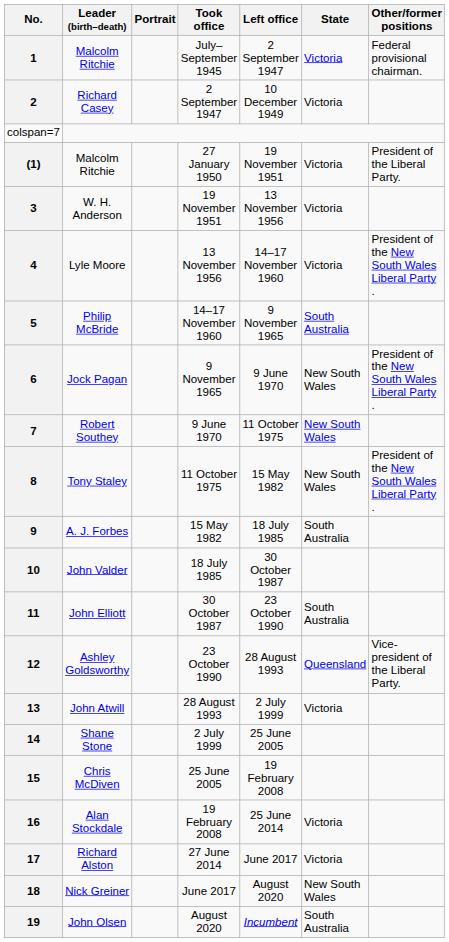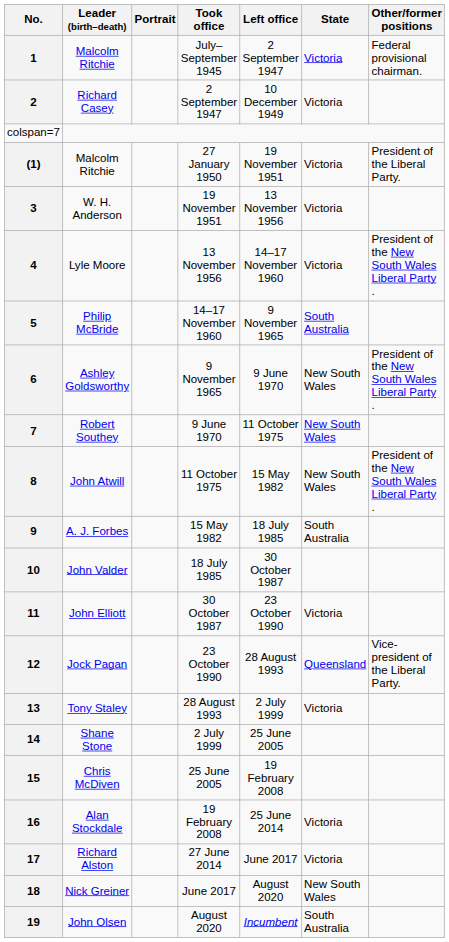 <table class="wikitable" style="text-align:center">
 <tr>
 <th>No.</th>
 <th>Leader<br><small>(birth–death)</small></th>
 <th>Portrait</th>
 <th>Took office</th>
 <th>Left office</th>
 <th>State</th>
 <th>Other/former positions</th>
 </tr>
 <tr>
 <th>1</th>
 <td><a href='#'>Malcolm Ritchie</a><br></td>
 <td></td>
 <td>July–September 1945</td>
 <td>2 September 1947</td>
 <td align=left> <a href='#'>Victoria</a></td>
 <td align=left>Federal provisional chairman.</td>
 </tr>
 <tr>
 <th>2</th>
 <td><a href='#'>Richard Casey</a><br></td>
 <td></td>
 <td>2 September 1947</td>
 <td>10 December 1949</td>
 <td align=left> Victoria</td>
 <td></td>
 </tr>
 <tr>
 <td>colspan=7 </td>
 </tr>
 <tr>
 <th>(1)</th>
 <td>Malcolm Ritchie<br></td>
 <td></td>
 <td>27 January 1950</td>
 <td>19 November 1951</td>
 <td align=left> Victoria</td>
 <td align=left>President of the Liberal Party.</td>
 </tr>
 <tr>
 <th>3</th>
 <td>W. H. Anderson<br></td>
 <td></td>
 <td>19 November 1951</td>
 <td>13 November 1956</td>
 <td align=left> Victoria</td>
 <td></td>
 </tr>
 <tr>
 <th>4</th>
 <td>Lyle Moore<br></td>
 <td></td>
 <td>13 November 1956</td>
 <td>14–17 November 1960</td>
 <td align=left> Victoria</td>
 <td align=left>President of the <a href='#'>New South Wales Liberal Party</a> .</td>
 </tr>
 <tr>
 <th>5</th>
 <td><a href='#'>Philip McBride</a><br></td>
 <td></td>
 <td>14–17 November 1960</td>
 <td>9 November 1965</td>
 <td align=left> <a href='#'>South Australia</a></td>
 <td></td>
 </tr>
 <tr>
 <th>6</th>
-<td><a href='#'>Jock Pagan</a><br></td>
+<td><a href='#'>Ashley Goldsworthy</a><br></td>
 <td></td>
 <td>9 November 1965</td>
 <td>9 June 1970</td>
 <td align=left> New South Wales</td>
 <td align=left>President of the <a href='#'>New South Wales Liberal Party</a> .</td>
 </tr>
 <tr>
 <th>7</th>
 <td><a href='#'>Robert Southey</a><br></td>
 <td></td>
 <td>9 June 1970</td>
 <td>11 October 1975</td>
 <td align=left> <a href='#'>New South Wales</a></td>
 <td></td>
 </tr>
 <tr>
 <th>8</th>
-<td><a href='#'>Tony Staley</a><br></td>
+<td><a href='#'>John Atwill</a><br></td>
 <td></td>
 <td>11 October 1975</td>
 <td>15 May 1982</td>
 <td align=left> New South Wales</td>
 <td align=left>President of the <a href='#'>New South Wales Liberal Party</a> .</td>
 </tr>
 <tr>
 <th>9</th>
 <td><a href='#'>A. J. Forbes</a><br></td>
 <td></td>
 <td>15 May 1982</td>
 <td>18 July 1985</td>
 <td align=left> South Australia</td>
 <td></td>
 </tr>
 <tr>
 <th>10</th>
 <td><a href='#'>John Valder</a><br></td>
 <td></td>
 <td>18 July 1985</td>
 <td>30 October 1987</td>
 <td></td>
 <td></td>
 </tr>
 <tr>
 <th>11</th>
 <td><a href='#'>John Elliott</a><br></td>
 <td></td>
 <td>30 October 1987</td>
 <td>23 October 1990</td>
-<td align=left> South Australia</td>
+<td align=left> Victoria</td>
 <td></td>
 </tr>
 <tr>
 <th>12</th>
-<td><a href='#'>Ashley Goldsworthy</a><br></td>
+<td><a href='#'>Jock Pagan</a><br></td>
 <td></td>
 <td>23 October 1990</td>
 <td>28 August 1993</td>
 <td align=left> <a href='#'>Queensland</a></td>
 <td align=left>Vice-president of the Liberal Party.</td>
 </tr>
 <tr>
 <th>13</th>
-<td><a href='#'>John Atwill</a><br></td>
+<td><a href='#'>Tony Staley</a><br></td>
 <td></td>
 <td>28 August 1993</td>
 <td>2 July 1999</td>
 <td align=left> Victoria</td>
 <td></td>
 </tr>
 <tr>
 <th>14</th>
 <td><a href='#'>Shane Stone</a><br></td>
 <td></td>
 <td>2 July 1999</td>
 <td>25 June 2005</td>
 <td align=left></td>
 <td></td>
 </tr>
 <tr>
 <th>15</th>
 <td><a href='#'>Chris McDiven</a><br></td>
 <td></td>
 <td>25 June 2005</td>
 <td>19 February 2008</td>
 <td align=left></td>
 <td></td>
 </tr>
 <tr>
 <th>16</th>
 <td><a href='#'>Alan Stockdale</a><br></td>
 <td></td>
 <td>19 February 2008</td>
 <td>25 June 2014</td>
 <td align=left> Victoria</td>
 <td></td>
 </tr>
 <tr>
 <th>17</th>
 <td><a href='#'>Richard Alston</a><br></td>
 <td></td>
 <td>27 June 2014</td>
 <td>June 2017</td>
 <td align=left> Victoria</td>
 <td></td>
 </tr>
 <tr>
 <th>18</th>
 <td><a href='#'>Nick Greiner</a><br></td>
 <td></td>
 <td>June 2017</td>
 <td>August 2020</td>
 <td align=left> New South Wales</td>
 <td></td>
 </tr>
 <tr>
 <th>19</th>
 <td><a href='#'>John Olsen</a><br></td>
 <td></td>
 <td>August 2020</td>
 <td><em><a href='#'>Incumbent</a></em></td>
 <td align=left> South Australia</td>
 <td></td>
 </tr>
 </table>
